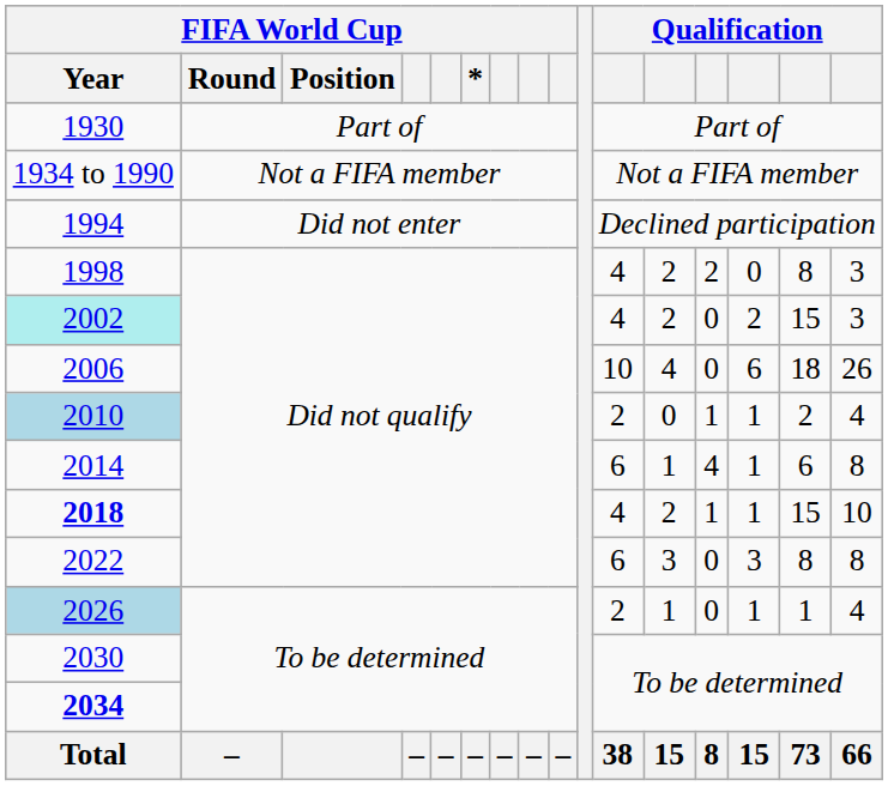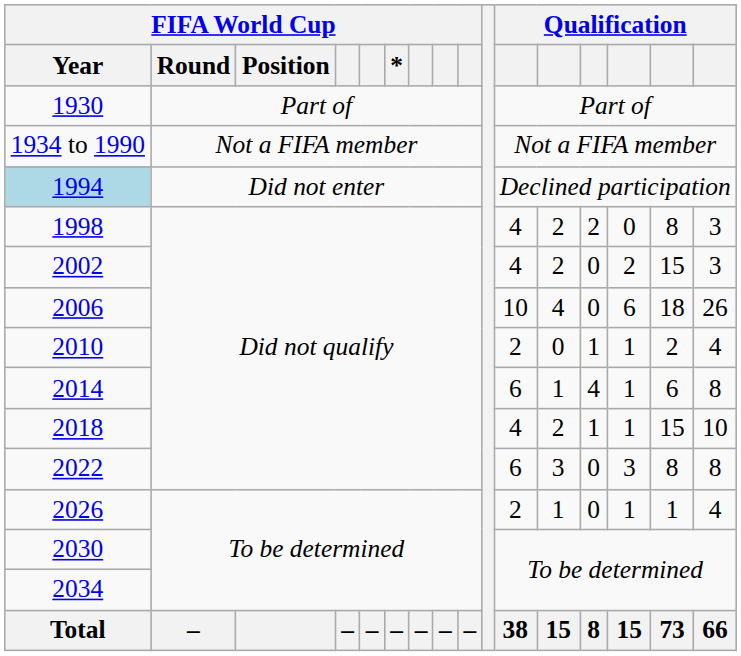 <table class="wikitable" style="text-align: center;">
 <tr>
 <th colspan=9><a href='#'>FIFA World Cup</a></th>
 <th rowspan=28></th>
 <th colspan=6><a href='#'>Qualification</a></th>
 </tr>
 <tr>
 <th>Year</th>
 <th>Round</th>
 <th>Position</th>
 <th></th>
 <th></th>
 <th>*</th>
 <th></th>
 <th></th>
 <th></th>
 <th></th>
 <th></th>
 <th></th>
 <th></th>
 <th></th>
 <th></th>
 </tr>
 <tr>
 <td> <a href='#'>1930</a></td>
 <td colspan=8><em>Part of </em></td>
 <td colspan=6><em>Part of </em></td>
 </tr>
 <tr>
 <td><a href='#'>1934</a> to <a href='#'>1990</a></td>
 <td colspan=8><em>Not a FIFA member</em></td>
 <td colspan=6><em>Not a FIFA member</em></td>
 </tr>
 <tr>
-<td> <a href='#'>1994</a></td>
+<td style="background: lightblue;"> <a href='#'>1994</a></td>
 <td colspan=8><em>Did not enter</em></td>
 <td colspan=6><em>Declined participation</em></td>
 </tr>
 <tr>
 <td> <a href='#'>1998</a></td>
 <td colspan=8 rowspan=7><em>Did not qualify</em></td>
 <td>4</td>
 <td>2</td>
 <td>2</td>
 <td>0</td>
 <td>8</td>
 <td>3</td>
 </tr>
 <tr>
-<td style="background: paleturquoise;">  <a href='#'>2002</a></td>
+<td>  <a href='#'>2002</a></td>
 <td>4</td>
 <td>2</td>
 <td>0</td>
 <td>2</td>
 <td>15</td>
 <td>3</td>
 </tr>
 <tr>
 <td> <a href='#'>2006</a></td>
 <td>10</td>
 <td>4</td>
 <td>0</td>
 <td>6</td>
 <td>18</td>
 <td>26</td>
 </tr>
 <tr>
-<td style="background: lightblue;"> <a href='#'>2010</a></td>
+<td> <a href='#'>2010</a></td>
 <td>2</td>
 <td>0</td>
 <td>1</td>
 <td>1</td>
 <td>2</td>
 <td>4</td>
 </tr>
 <tr>
 <td> <a href='#'>2014</a></td>
 <td>6</td>
 <td>1</td>
 <td>4</td>
 <td>1</td>
 <td>6</td>
 <td>8</td>
 </tr>
 <tr>
-<td><strong> <a href='#'>2018</a></strong></td>
+<td> <a href='#'>2018</a></td>
 <td>4</td>
 <td>2</td>
 <td>1</td>
 <td>1</td>
 <td>15</td>
 <td>10</td>
 </tr>
 <tr>
 <td> <a href='#'>2022</a></td>
 <td>6</td>
 <td>3</td>
 <td>0</td>
 <td>3</td>
 <td>8</td>
 <td>8</td>
 </tr>
 <tr>
-<td style="background: lightblue;">   <a href='#'>2026</a></td>
+<td>   <a href='#'>2026</a></td>
 <td colspan=8 rowspan=3><em>To be determined</em></td>
 <td>2</td>
 <td>1</td>
 <td>0</td>
 <td>1</td>
 <td>1</td>
 <td>4</td>
 </tr>
 <tr>
 <td>   <a href='#'>2030</a></td>
 <td colspan=6 rowspan=2><em>To be determined</em></td>
 </tr>
 <tr>
-<td><strong> <a href='#'>2034</a></strong></td>
+<td> <a href='#'>2034</a></td>
 </tr>
 <tr>
 <th>Total</th>
 <th>–</th>
 <th></th>
 <th>–</th>
 <th>–</th>
 <th>–</th>
 <th>–</th>
 <th>–</th>
 <th>–</th>
 <th>38</th>
 <th>15</th>
 <th>8</th>
 <th>15</th>
 <th>73</th>
 <th>66</th>
 </tr>
 </table>
